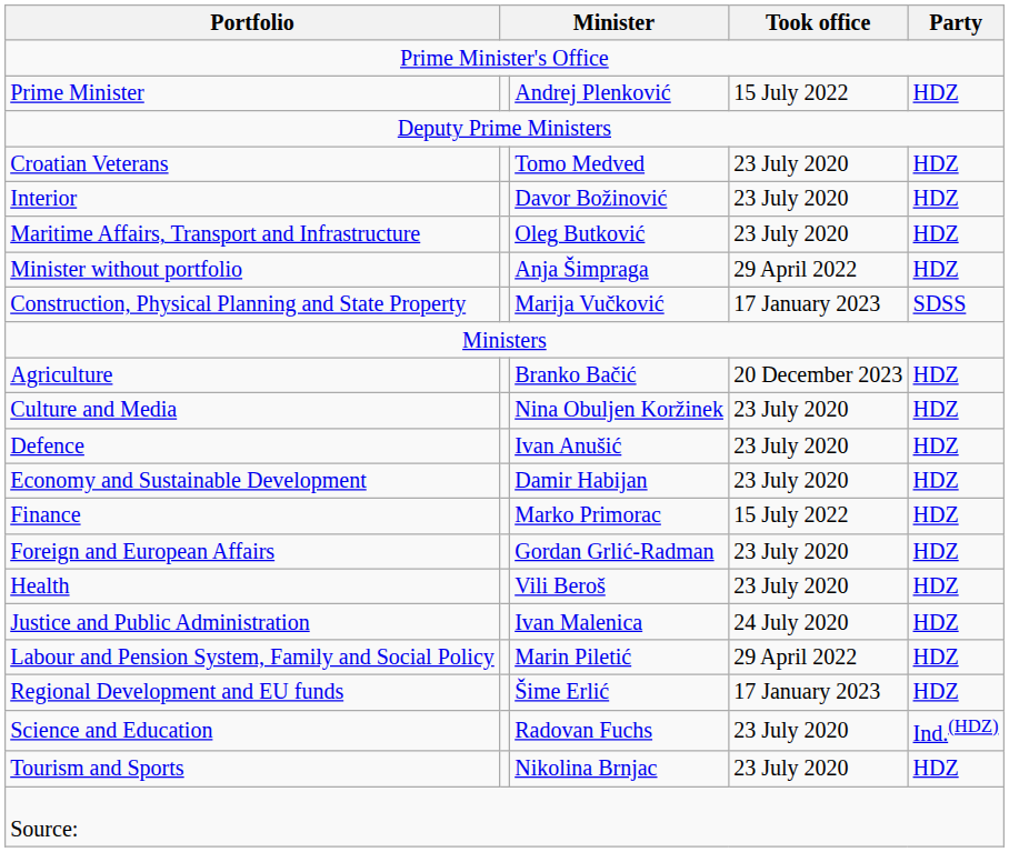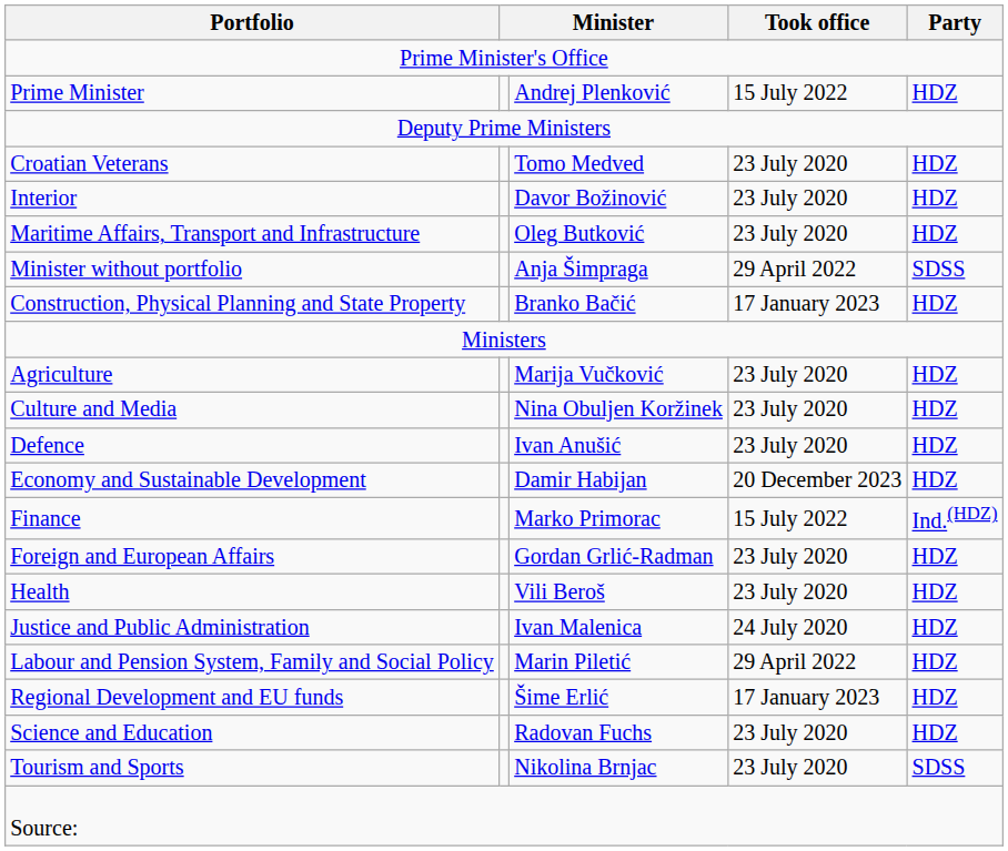 <table class="wikitable">
 <tr>
 <th style="text-align: center;">Portfolio</th>
 <th colspan="2" style="text-align: center;">Minister</th>
 <th style="text-align: center;">Took office</th>
 <th style="text-align: center;">Party</th>
 </tr>
 <tr>
 <td colspan="5" style="text-align: center;"><a href='#'>Prime Minister's Office</a></td>
 </tr>
 <tr>
 <td><a href='#'>Prime Minister</a></td>
 <td style="background:"></td>
 <td><a href='#'>Andrej Plenković</a></td>
 <td>15 July 2022</td>
 <td><a href='#'>HDZ</a></td>
 </tr>
 <tr>
 <td colspan="5" style="text-align: center;"><a href='#'>Deputy Prime Ministers</a></td>
 </tr>
 <tr>
 <td><a href='#'>Croatian Veterans</a></td>
 <td style="background:"></td>
 <td><a href='#'>Tomo Medved</a></td>
 <td>23 July 2020</td>
 <td><a href='#'>HDZ</a></td>
 </tr>
 <tr>
 <td><a href='#'>Interior</a></td>
 <td style="background:"></td>
 <td><a href='#'>Davor Božinović</a></td>
 <td>23 July 2020</td>
 <td><a href='#'>HDZ</a></td>
 </tr>
 <tr>
 <td><a href='#'>Maritime Affairs, Transport and Infrastructure</a></td>
 <td style="background:"></td>
 <td><a href='#'>Oleg Butković</a></td>
 <td>23 July 2020</td>
 <td><a href='#'>HDZ</a></td>
 </tr>
 <tr>
 <td><a href='#'>Minister without portfolio</a> <br></td>
 <td style="background:"></td>
 <td><a href='#'>Anja Šimpraga</a></td>
 <td>29 April 2022</td>
-<td><a href='#'>HDZ</a></td>
+<td><a href='#'>SDSS</a></td>
 </tr>
 <tr>
 <td><a href='#'>Construction, Physical Planning and State Property</a></td>
 <td style="background:"></td>
-<td><a href='#'>Marija Vučković</a></td>
+<td><a href='#'>Branko Bačić</a></td>
 <td>17 January 2023</td>
-<td><a href='#'>SDSS</a></td>
+<td><a href='#'>HDZ</a></td>
 </tr>
 <tr>
 <td colspan="6" style="text-align: center;"><a href='#'>Ministers</a></td>
 </tr>
 <tr>
 <td><a href='#'>Agriculture</a></td>
 <td style="background:"></td>
-<td><a href='#'>Branko Bačić</a></td>
-<td>20 December 2023</td>
+<td><a href='#'>Marija Vučković</a></td>
+<td>23 July 2020</td>
 <td><a href='#'>HDZ</a></td>
 </tr>
 <tr>
 <td><a href='#'>Culture and Media</a></td>
 <td style="background:"></td>
 <td><a href='#'>Nina Obuljen Koržinek</a></td>
 <td>23 July 2020</td>
 <td><a href='#'>HDZ</a></td>
 </tr>
 <tr>
 <td><a href='#'>Defence</a></td>
 <td style="background:"></td>
 <td><a href='#'>Ivan Anušić</a></td>
 <td>23 July 2020</td>
 <td><a href='#'>HDZ</a></td>
 </tr>
 <tr>
 <td><a href='#'>Economy and Sustainable Development</a></td>
 <td style="background:"></td>
 <td><a href='#'>Damir Habijan</a></td>
-<td>23 July 2020</td>
+<td>20 December 2023</td>
 <td><a href='#'>HDZ</a></td>
 </tr>
 <tr>
 <td><a href='#'>Finance</a></td>
 <td style="background:"></td>
 <td><a href='#'>Marko Primorac</a></td>
 <td>15 July 2022</td>
-<td><a href='#'>HDZ</a></td>
+<td><a href='#'>Ind.</a><sup><a href='#'>(HDZ)</a> </sup></td>
 </tr>
 <tr>
 <td><a href='#'>Foreign and European Affairs</a></td>
 <td style="background:"></td>
 <td><a href='#'>Gordan Grlić-Radman</a></td>
 <td>23 July 2020</td>
 <td><a href='#'>HDZ</a></td>
 </tr>
 <tr>
 <td><a href='#'>Health</a></td>
 <td style="background:"></td>
 <td><a href='#'>Vili Beroš</a></td>
 <td>23 July 2020</td>
 <td><a href='#'>HDZ</a></td>
 </tr>
 <tr>
 <td><a href='#'>Justice and Public Administration</a></td>
 <td style="background:"></td>
 <td><a href='#'>Ivan Malenica</a></td>
 <td>24 July 2020</td>
 <td><a href='#'>HDZ</a></td>
 </tr>
 <tr>
 <td><a href='#'>Labour and Pension System, Family and Social Policy</a></td>
 <td style="background:"></td>
 <td><a href='#'>Marin Piletić</a></td>
 <td>29 April 2022</td>
 <td><a href='#'>HDZ</a></td>
 </tr>
 <tr>
 <td><a href='#'>Regional Development and EU funds</a></td>
 <td style="background:"></td>
 <td><a href='#'>Šime Erlić</a></td>
 <td>17 January 2023</td>
 <td><a href='#'>HDZ</a></td>
 </tr>
 <tr>
 <td><a href='#'>Science and Education</a></td>
 <td style="background:"></td>
 <td><a href='#'>Radovan Fuchs</a></td>
 <td>23 July 2020</td>
-<td><a href='#'>Ind.</a><sup><a href='#'>(HDZ)</a> </sup></td>
+<td><a href='#'>HDZ</a></td>
 </tr>
 <tr>
 <td><a href='#'>Tourism and Sports</a></td>
 <td style="background:"></td>
 <td><a href='#'>Nikolina Brnjac</a></td>
 <td>23 July 2020</td>
-<td><a href='#'>HDZ</a></td>
+<td><a href='#'>SDSS</a></td>
 </tr>
 <tr>
 <td colspan="11" align="left"><br>Source:</td>
 </tr>
 </table>
